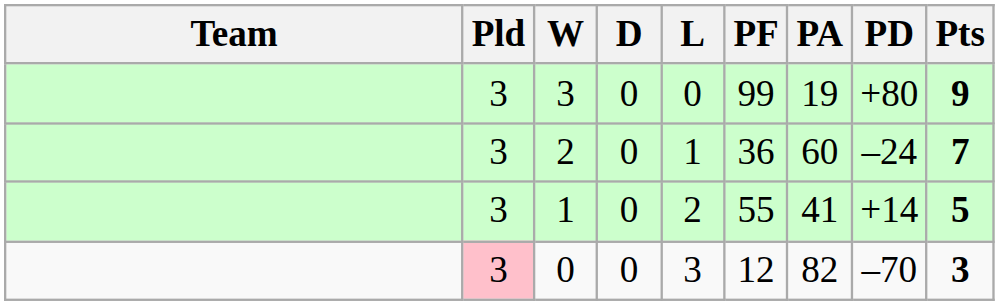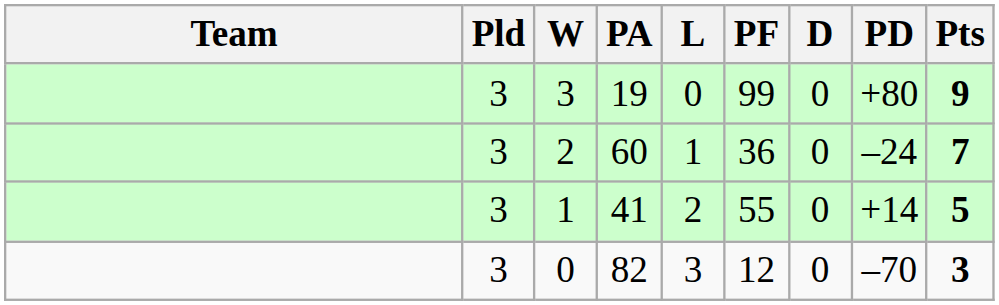 <table class="wikitable" style="text-align:center;">
 <tr>
 <th width=190>Team</th>
 <th width=20 abbr="Played">Pld</th>
 <th width=20 abbr="Won">W</th>
-<th width=20 abbr="Drawn">D</th>
+<th width=20 abbr="Points against">PA</th>
 <th width=20 abbr="Lost">L</th>
 <th width=20 abbr="Points for">PF</th>
-<th width=20 abbr="Points against">PA</th>
+<th width=20 abbr="Drawn">D</th>
 <th width=25 abbr="Points difference">PD</th>
 <th width=20 abbr="Points">Pts</th>
 </tr>
 <tr style="background:#ccffcc">
 <td align=left></td>
 <td>3</td>
 <td>3</td>
-<td>0</td>
+<td>19</td>
 <td>0</td>
 <td>99</td>
-<td>19</td>
+<td>0</td>
 <td>+80</td>
 <td><strong>9</strong></td>
 </tr>
 <tr style="background:#ccffcc">
 <td align=left></td>
 <td>3</td>
 <td>2</td>
-<td>0</td>
+<td>60</td>
 <td>1</td>
 <td>36</td>
-<td>60</td>
+<td>0</td>
 <td>–24</td>
 <td><strong>7</strong></td>
 </tr>
 <tr style="background:#ccffcc">
 <td align=left></td>
 <td>3</td>
 <td>1</td>
-<td>0</td>
+<td>41</td>
 <td>2</td>
 <td>55</td>
-<td>41</td>
+<td>0</td>
 <td>+14</td>
 <td><strong>5</strong></td>
 </tr>
 <tr>
 <td align=left></td>
-<td style="background: pink;">3</td>
+<td>3</td>
 <td>0</td>
-<td>0</td>
+<td>82</td>
 <td>3</td>
 <td>12</td>
-<td>82</td>
+<td>0</td>
 <td>–70</td>
 <td><strong>3</strong></td>
 </tr>
 </table>
